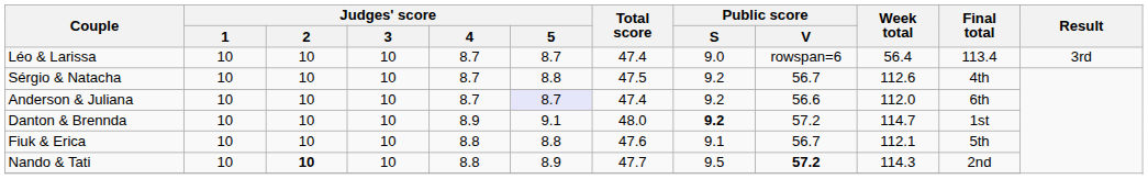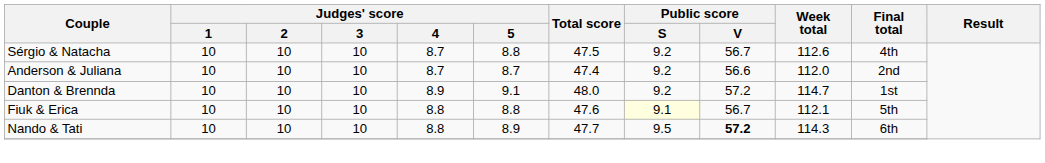 <table class="wikitable" style="font-size:100%; line-height:16px; text-align:center" width="100%">
 <tr>
 <th rowspan=2 width="11.0%">Couple</th>
 <th colspan=5 width="25.0%">Judges' score</th>
 <th rowspan=2 width="05.0%">Total score</th>
 <th colspan=2 width="10.0%">Public score</th>
 <th rowspan=2 width="05.0%">Week<br>total</th>
 <th rowspan=2 width="05.0%">Final<br>total</th>
 <th rowspan=2 width="07.5%">Result</th>
 </tr>
 <tr>
 <th width="05.0%">1</th>
 <th width="05.0%">2</th>
 <th width="05.0%">3</th>
 <th width="05.0%">4</th>
 <th width="05.0%">5</th>
 <th width="05.0%">S</th>
 <th width="05.0%">V</th>
 </tr>
 <tr>
-<td align="left">Léo & Larissa</td>
-<td>10</td>
-<td>10</td>
-<td>10</td>
-<td>8.7</td>
-<td>8.7</td>
-<td>47.4</td>
-<td>9.0</td>
-<td>rowspan=6 </td>
-<td>56.4</td>
-<td>113.4</td>
-<td>3rd</td>
-</tr>
-<tr>
 <td align="left">Sérgio & Natacha</td>
 <td>10</td>
 <td>10</td>
 <td>10</td>
 <td>8.7</td>
 <td>8.8</td>
 <td>47.5</td>
 <td>9.2</td>
 <td>56.7</td>
 <td>112.6</td>
 <td>4th</td>
 </tr>
 <tr>
 <td align="left">Anderson & Juliana</td>
 <td>10</td>
 <td>10</td>
 <td>10</td>
 <td>8.7</td>
-<td style="background: lavender;">8.7</td>
+<td>8.7</td>
 <td>47.4</td>
 <td>9.2</td>
 <td>56.6</td>
 <td>112.0</td>
-<td>6th</td>
+<td>2nd</td>
 </tr>
 <tr>
 <td align="left">Danton & Brennda</td>
 <td>10</td>
 <td>10</td>
 <td>10</td>
 <td>8.9</td>
 <td>9.1</td>
 <td>48.0</td>
-<td><strong>9.2</strong></td>
+<td>9.2</td>
 <td>57.2</td>
 <td>114.7</td>
 <td>1st</td>
 </tr>
 <tr>
 <td align="left">Fiuk & Erica</td>
 <td>10</td>
 <td>10</td>
 <td>10</td>
 <td>8.8</td>
 <td>8.8</td>
 <td>47.6</td>
-<td>9.1</td>
+<td style="background: lightyellow;">9.1</td>
 <td>56.7</td>
 <td>112.1</td>
 <td>5th</td>
 </tr>
 <tr>
 <td align="left">Nando & Tati</td>
 <td>10</td>
-<td><strong>10</strong></td>
+<td>10</td>
 <td>10</td>
 <td>8.8</td>
 <td>8.9</td>
 <td>47.7</td>
 <td>9.5</td>
 <td><strong>57.2</strong></td>
 <td>114.3</td>
-<td>2nd</td>
+<td>6th</td>
 </tr>
 <tr>
 </tr>
 </table>
